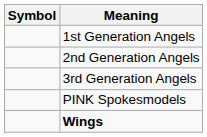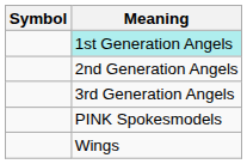 <table class="sortable wikitable"  style="font-size:85%;">
 <tr>
 <th>Symbol</th>
 <th>Meaning</th>
 </tr>
 <tr>
 <td align="center"></td>
-<td>1st Generation Angels</td>
+<td style="background: paleturquoise;">1st Generation Angels</td>
 </tr>
 <tr>
 <td align="center"></td>
 <td>2nd Generation Angels</td>
 </tr>
 <tr>
 <td align="center"></td>
 <td>3rd Generation Angels</td>
 </tr>
 <tr>
 <td align="center"></td>
 <td>PINK Spokesmodels</td>
 </tr>
 <tr>
 <td align="center"></td>
-<td><strong>Wings</strong></td>
+<td>Wings</td>
 </tr>
 </table>
